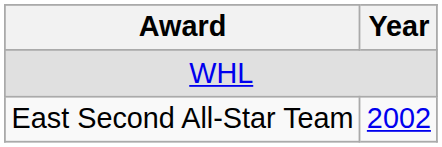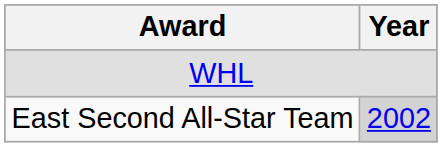 <table class="wikitable">
 <tr>
 <th>Award</th>
 <th>Year</th>
 </tr>
 <tr ALIGN="center" bgcolor="#e0e0e0">
 <td colspan="2"><a href='#'>WHL</a></td>
 </tr>
 <tr>
 <td>East Second All-Star Team</td>
-<td><a href='#'>2002</a></td>
+<td style="background: lightgrey;"><a href='#'>2002</a></td>
 </tr>
 </table>
